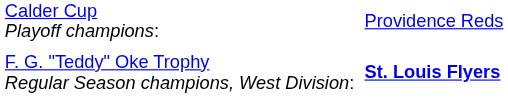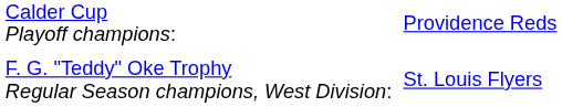 <table cellpadding="3" cellspacing="3">
 <tr>
 <td><a href='#'>Calder Cup</a><br><em>Playoff champions</em>:</td>
 <td><a href='#'>Providence Reds</a></td>
 </tr>
 <tr>
 <td><a href='#'>F. G. "Teddy" Oke Trophy</a><br><em>Regular Season champions, West Division</em>:</td>
-<td><strong><a href='#'>St. Louis Flyers</a></strong></td>
+<td><a href='#'>St. Louis Flyers</a></td>
 </tr>
 </table>
